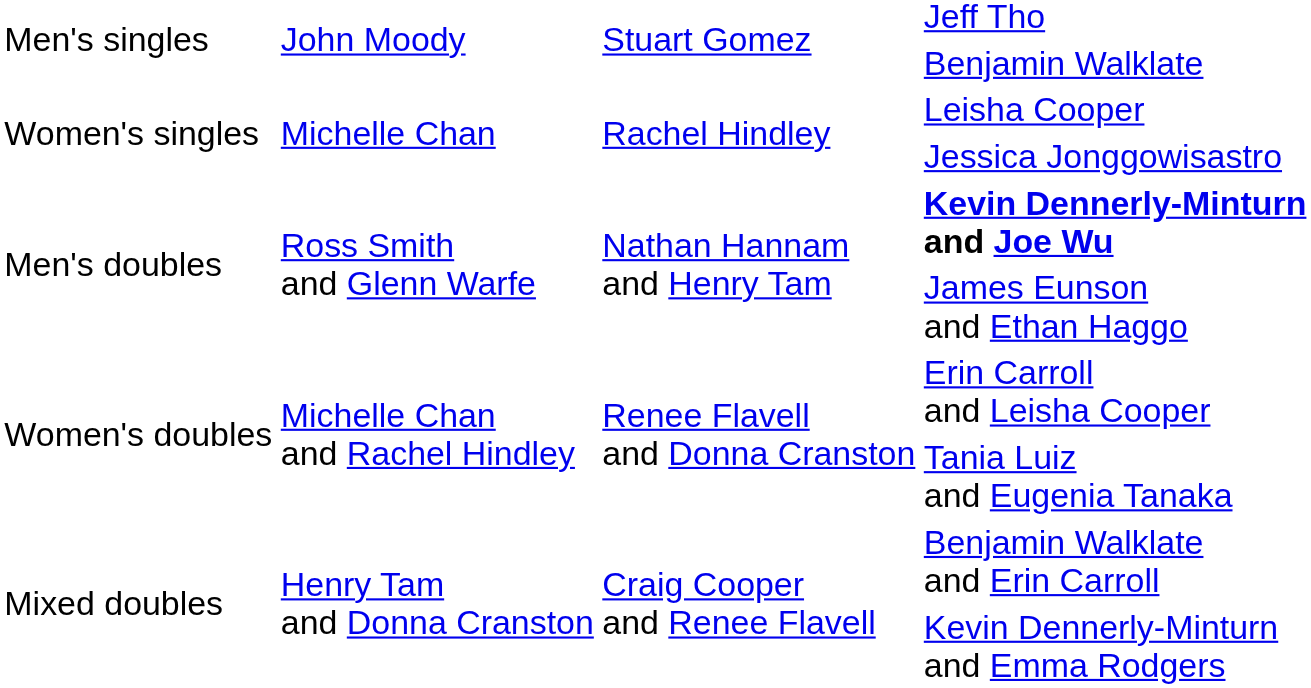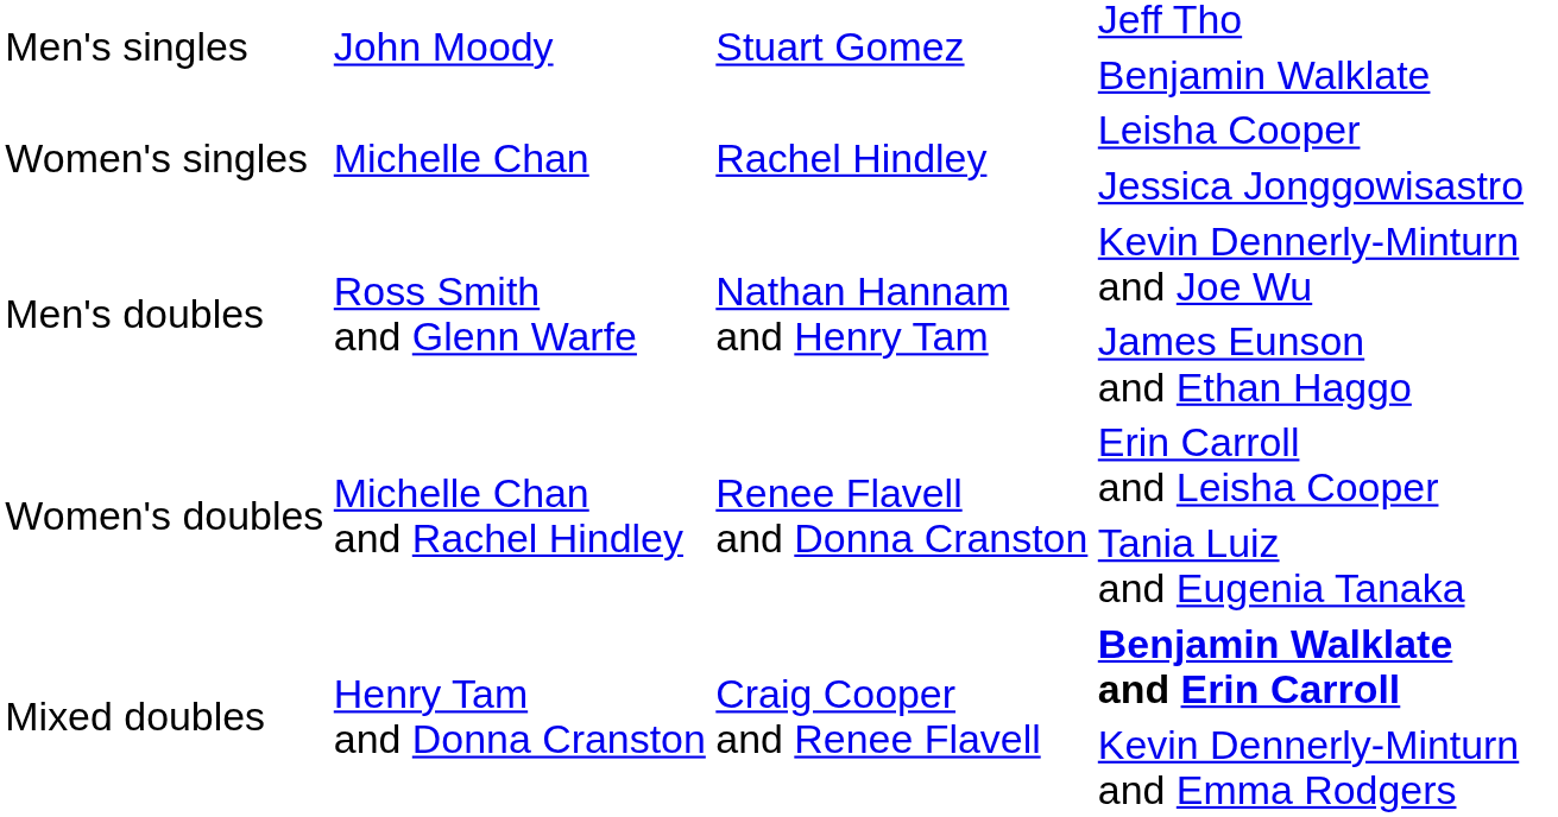 <table>
 <tr>
 <td rowspan=2>Men's singles</td>
 <td rowspan=2> <a href='#'>John Moody</a></td>
 <td rowspan=2> <a href='#'>Stuart Gomez</a></td>
 <td> <a href='#'>Jeff Tho</a></td>
 </tr>
 <tr>
 <td> <a href='#'>Benjamin Walklate</a></td>
 </tr>
 <tr>
 <td rowspan=2>Women's singles</td>
 <td rowspan=2> <a href='#'>Michelle Chan</a></td>
 <td rowspan=2> <a href='#'>Rachel Hindley</a></td>
 <td> <a href='#'>Leisha Cooper</a></td>
 </tr>
 <tr>
 <td> <a href='#'>Jessica Jonggowisastro</a></td>
 </tr>
 <tr>
 <td rowspan=2>Men's doubles</td>
 <td rowspan=2> <a href='#'>Ross Smith</a><br>and <a href='#'>Glenn Warfe</a></td>
 <td rowspan=2> <a href='#'>Nathan Hannam</a><br>and <a href='#'>Henry Tam</a></td>
-<td><strong> <a href='#'>Kevin Dennerly-Minturn</a><br>and <a href='#'>Joe Wu</a></strong></td>
+<td> <a href='#'>Kevin Dennerly-Minturn</a><br>and <a href='#'>Joe Wu</a></td>
 </tr>
 <tr>
 <td> <a href='#'>James Eunson</a><br>and <a href='#'>Ethan Haggo</a></td>
 </tr>
 <tr>
 <td rowspan=2>Women's doubles</td>
 <td rowspan=2> <a href='#'>Michelle Chan</a><br>and <a href='#'>Rachel Hindley</a></td>
 <td rowspan=2> <a href='#'>Renee Flavell</a><br>and <a href='#'>Donna Cranston</a></td>
 <td> <a href='#'>Erin Carroll</a><br>and <a href='#'>Leisha Cooper</a></td>
 </tr>
 <tr>
 <td> <a href='#'>Tania Luiz</a><br>and <a href='#'>Eugenia Tanaka</a></td>
 </tr>
 <tr>
 <td rowspan=2>Mixed doubles</td>
 <td rowspan=2> <a href='#'>Henry Tam</a><br> and <a href='#'>Donna Cranston</a></td>
 <td rowspan=2> <a href='#'>Craig Cooper</a><br>and <a href='#'>Renee Flavell</a></td>
-<td> <a href='#'>Benjamin Walklate</a><br>and <a href='#'>Erin Carroll</a></td>
+<td><strong> <a href='#'>Benjamin Walklate</a><br>and <a href='#'>Erin Carroll</a></strong></td>
 </tr>
 <tr>
 <td> <a href='#'>Kevin Dennerly-Minturn</a><br>and <a href='#'>Emma Rodgers</a></td>
 </tr>
 </table>
